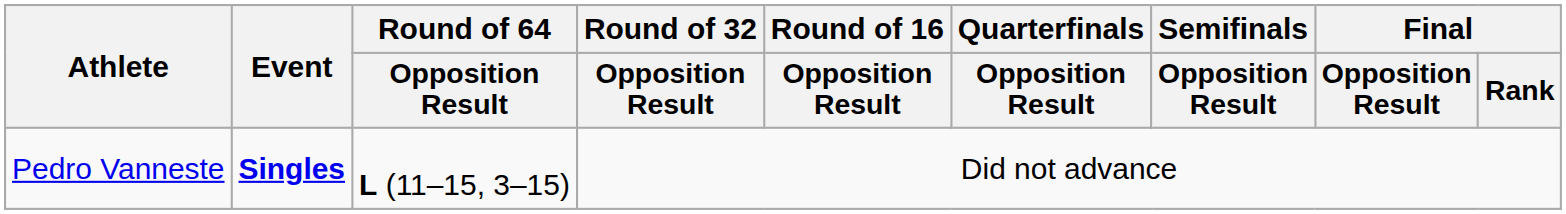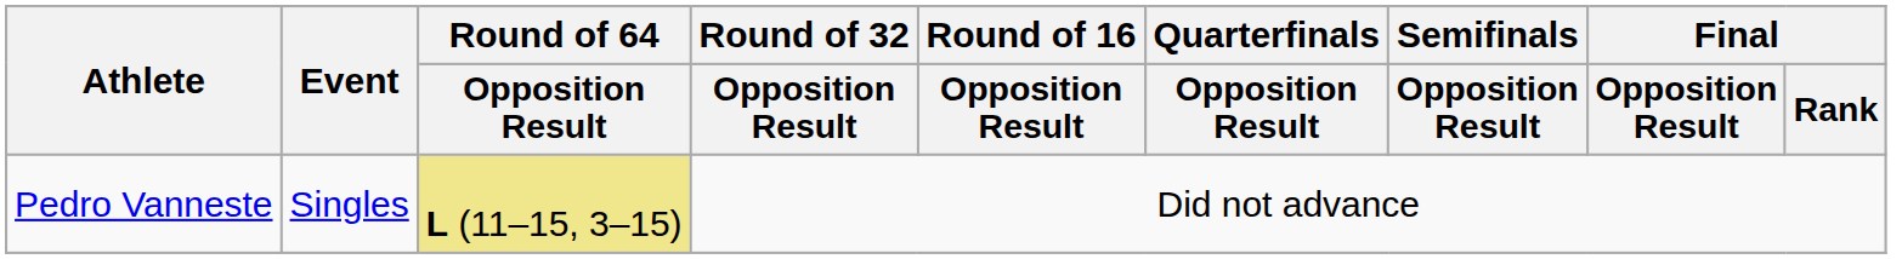 <table class="wikitable" style="font-size:90%">
 <tr>
 <th rowspan="2">Athlete</th>
 <th rowspan="2">Event</th>
 <th>Round of 64</th>
 <th>Round of 32</th>
 <th>Round of 16</th>
 <th>Quarterfinals</th>
 <th>Semifinals</th>
 <th colspan=2>Final</th>
 </tr>
 <tr style="font-size:95%">
 <th>Opposition<br>Result</th>
 <th>Opposition<br>Result</th>
 <th>Opposition<br>Result</th>
 <th>Opposition<br>Result</th>
 <th>Opposition<br>Result</th>
 <th>Opposition<br>Result</th>
 <th>Rank</th>
 </tr>
 <tr align=center>
 <td align=left><a href='#'>Pedro Vanneste</a></td>
-<td align=left><strong><a href='#'>Singles</a></strong></td>
-<td><br><strong>L</strong> (11–15, 3–15)</td>
+<td align=left><a href='#'>Singles</a></td>
+<td style="background: khaki;"><br><strong>L</strong> (11–15, 3–15)</td>
 <td colspan=6>Did not advance</td>
 </tr>
 </table>
